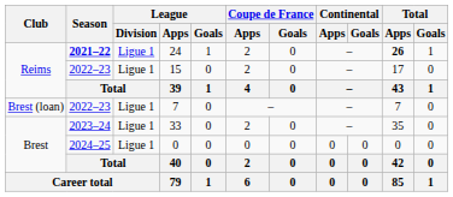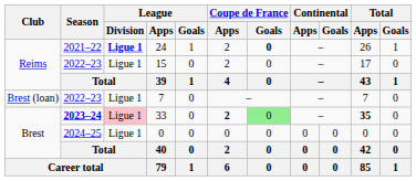 <table class="wikitable" style="text-align: center;">
 <tr>
 <th rowspan="2">Club</th>
 <th rowspan="2">Season</th>
 <th colspan="3">League</th>
 <th colspan="2"><a href='#'>Coupe de France</a></th>
 <th colspan="2">Continental</th>
 <th colspan="2">Total</th>
 </tr>
 <tr>
 <th>Division</th>
 <th>Apps</th>
 <th>Goals</th>
 <th>Apps</th>
 <th>Goals</th>
 <th>Apps</th>
 <th>Goals</th>
 <th>Apps</th>
 <th>Goals</th>
 </tr>
 <tr>
 <td rowspan="3"><a href='#'>Reims</a></td>
-<td><strong><a href='#'>2021–22</a></strong></td>
-<td><a href='#'>Ligue 1</a></td>
+<td><a href='#'>2021–22</a></td>
+<td><strong><a href='#'>Ligue 1</a></strong></td>
 <td>24</td>
 <td>1</td>
 <td>2</td>
-<td>0</td>
+<td><strong>0</strong></td>
 <td colspan="2">–</td>
-<td><strong>26</strong></td>
+<td>26</td>
 <td>1</td>
 </tr>
 <tr>
 <td><a href='#'>2022–23</a></td>
 <td>Ligue 1</td>
 <td>15</td>
 <td>0</td>
 <td>2</td>
 <td>0</td>
 <td colspan="2">–</td>
 <td>17</td>
 <td>0</td>
 </tr>
 <tr>
 <th colspan="2">Total</th>
 <th>39</th>
 <th>1</th>
 <th>4</th>
 <th>0</th>
 <th colspan="2">–</th>
 <th>43</th>
 <th>1</th>
 </tr>
 <tr>
 <td><a href='#'>Brest</a> (loan)</td>
 <td><a href='#'>2022–23</a></td>
 <td>Ligue 1</td>
 <td>7</td>
 <td>0</td>
 <td colspan="2">–</td>
 <td colspan="2">–</td>
 <td>7</td>
 <td>0</td>
 </tr>
 <tr>
 <td rowspan="3">Brest</td>
-<td><a href='#'>2023–24</a></td>
-<td>Ligue 1</td>
+<td><strong><a href='#'>2023–24</a></strong></td>
+<td style="background: pink;">Ligue 1</td>
 <td>33</td>
 <td>0</td>
-<td>2</td>
-<td>0</td>
+<td><strong>2</strong></td>
+<td style="background: lightgreen;">0</td>
 <td colspan="2">–</td>
-<td>35</td>
+<td><strong>35</strong></td>
 <td>0</td>
 </tr>
 <tr>
 <td><a href='#'>2024–25</a></td>
 <td>Ligue 1</td>
 <td>0</td>
 <td>0</td>
 <td>0</td>
 <td>0</td>
 <td>0</td>
 <td>0</td>
 <td>0</td>
 <td>0</td>
 </tr>
 <tr>
 <th colspan="2">Total</th>
 <th>40</th>
 <th>0</th>
 <th>2</th>
 <th>0</th>
 <th>0</th>
 <th>0</th>
 <th>42</th>
 <th>0</th>
 </tr>
 <tr>
 <th colspan="3">Career total</th>
 <th>79</th>
 <th>1</th>
 <th>6</th>
 <th>0</th>
 <th>0</th>
 <th>0</th>
 <th>85</th>
 <th>1</th>
 </tr>
 </table>
